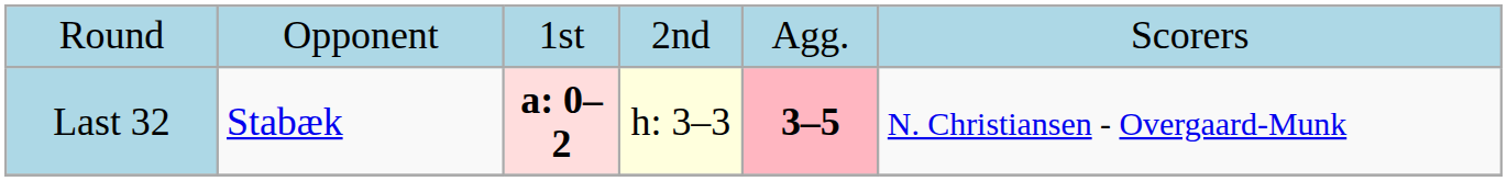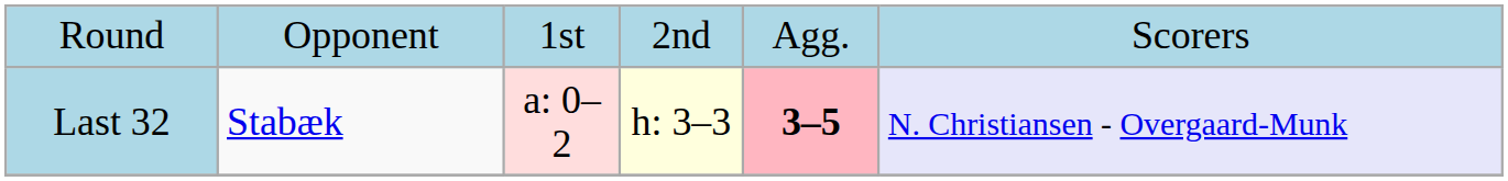 <table class="wikitable" style="text-align:center">
 <tr bgcolor=lightblue>
 <td width=150px>Round</td>
 <td width=200px>Opponent</td>
 <td width=80px>1st</td>
 <td width=80px>2nd</td>
 <td width=80px>Agg.</td>
 <td width=600px>Scorers</td>
 </tr>
 <tr>
 <td bgcolor=lightblue>Last 32</td>
 <td align=left> <a href='#'>Stabæk</a></td>
-<td bgcolor="#ffdddd"><strong>a: 0–2</strong></td>
+<td bgcolor="#ffdddd">a: 0–2</td>
 <td bgcolor="#ffffdd">h: 3–3</td>
 <td bgcolor=lightpink><strong>3–5</strong></td>
-<td align=left><small><a href='#'>N. Christiansen</a> - <a href='#'>Overgaard-Munk</a></small></td>
+<td align=left style="background: lavender;"><small><a href='#'>N. Christiansen</a> - <a href='#'>Overgaard-Munk</a></small></td>
 </tr>
 <tr>
 </tr>
 </table>
